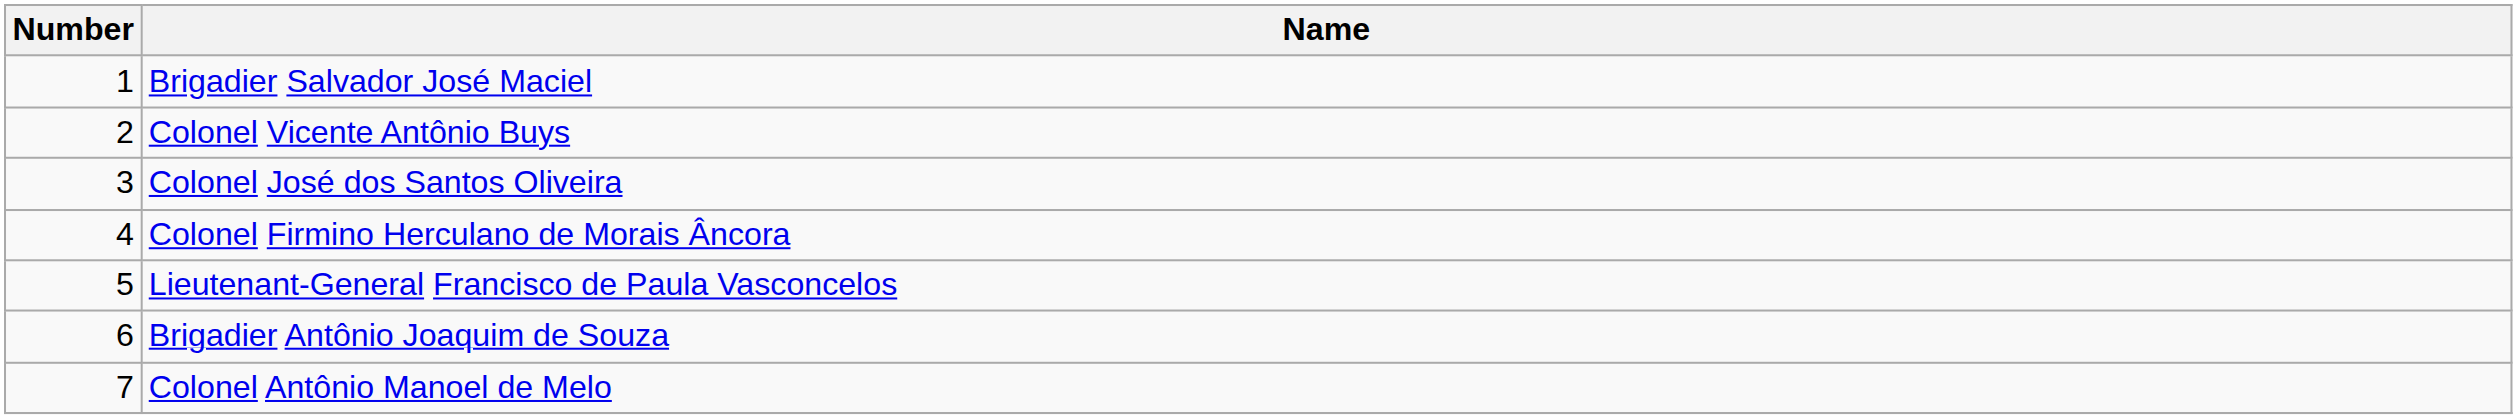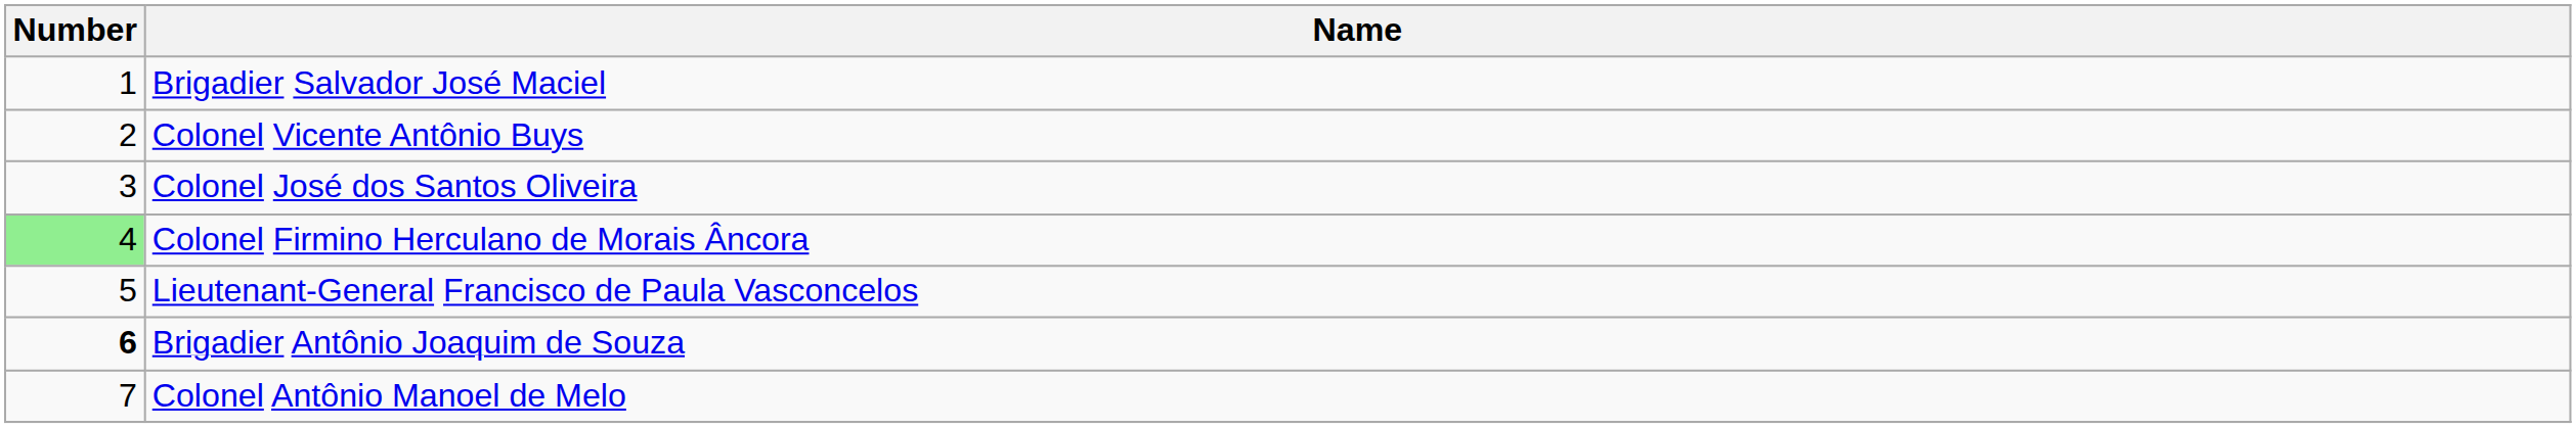 <table class="wikitable">
 <tr>
 <th width="5%">Number</th>
 <th>Name</th>
 </tr>
 <tr>
 <td align=right>1</td>
 <td rowspan=1><a href='#'>Brigadier</a> <a href='#'>Salvador José Maciel</a></td>
 </tr>
 <tr>
 <td align=right>2</td>
 <td><a href='#'>Colonel</a> <a href='#'>Vicente Antônio Buys</a></td>
 </tr>
 <tr>
 <td align=right>3</td>
 <td><a href='#'>Colonel</a> <a href='#'>José dos Santos Oliveira</a></td>
 </tr>
 <tr>
-<td align=right>4</td>
+<td align=right style="background: lightgreen;">4</td>
 <td><a href='#'>Colonel</a> <a href='#'>Firmino Herculano de Morais Âncora</a></td>
 </tr>
 <tr>
 <td align=right>5</td>
 <td><a href='#'>Lieutenant-General</a> <a href='#'>Francisco de Paula Vasconcelos</a></td>
 </tr>
 <tr>
-<td align=right>6</td>
+<td align=right><strong>6</strong></td>
 <td><a href='#'>Brigadier</a> <a href='#'>Antônio Joaquim de Souza</a></td>
 </tr>
 <tr>
 <td align=right>7</td>
 <td><a href='#'>Colonel</a> <a href='#'>Antônio Manoel de Melo</a></td>
 </tr>
 <tr>
 </tr>
 </table>
